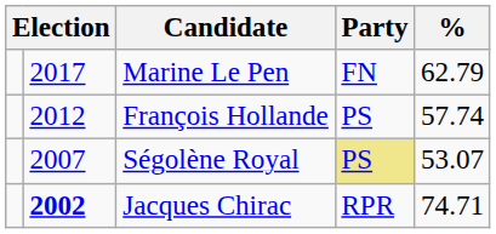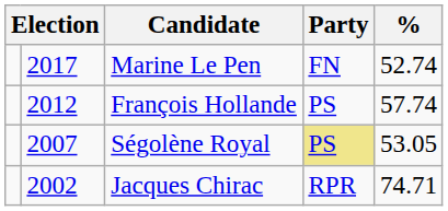 <table class="wikitable">
 <tr>
 <th colspan="2">Election</th>
 <th>Candidate</th>
 <th>Party</th>
 <th>%</th>
 </tr>
 <tr>
 <td style="background-color: "></td>
 <td><a href='#'>2017</a></td>
 <td><a href='#'>Marine Le Pen</a></td>
 <td><a href='#'>FN</a></td>
-<td>62.79</td>
+<td>52.74</td>
 </tr>
 <tr>
 <td style="background-color: "></td>
 <td><a href='#'>2012</a></td>
 <td><a href='#'>François Hollande</a></td>
 <td><a href='#'>PS</a></td>
 <td>57.74</td>
 </tr>
 <tr>
 <td style="background-color: "></td>
 <td><a href='#'>2007</a></td>
 <td><a href='#'>Ségolène Royal</a></td>
 <td style="background: khaki;"><a href='#'>PS</a></td>
-<td>53.07</td>
+<td>53.05</td>
 </tr>
 <tr>
 <td style="background-color: "></td>
-<td><strong><a href='#'>2002</a></strong></td>
+<td><a href='#'>2002</a></td>
 <td><a href='#'>Jacques Chirac</a></td>
 <td><a href='#'>RPR</a></td>
 <td>74.71</td>
 </tr>
 </table>
